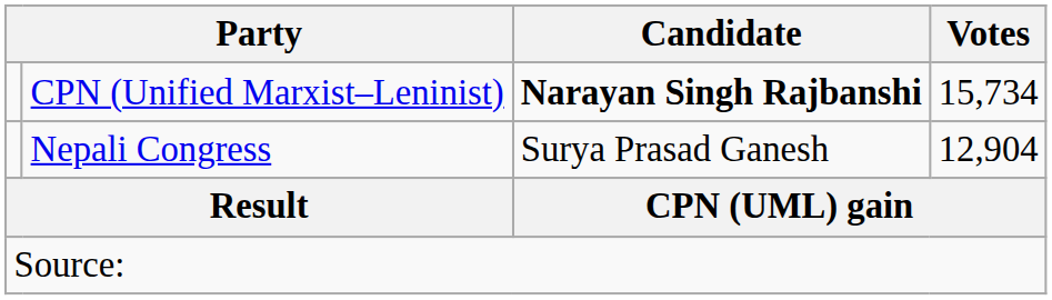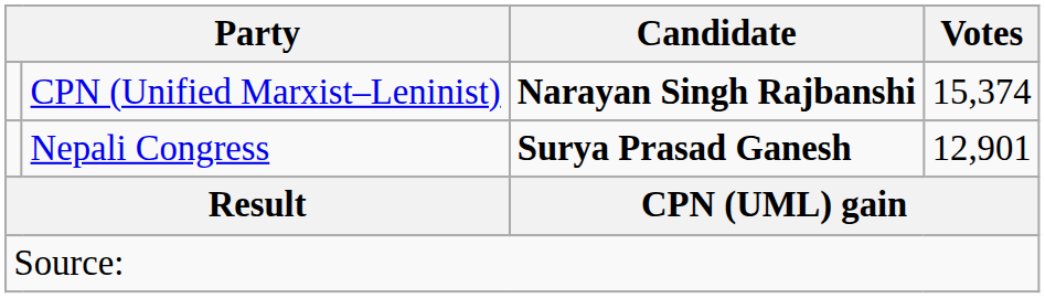 <table class="wikitable">
 <tr>
 <th colspan="2">Party</th>
 <th>Candidate</th>
 <th>Votes</th>
 </tr>
 <tr>
 <td style="background-color:"></td>
 <td><a href='#'>CPN (Unified Marxist–Leninist)</a></td>
 <td><strong>Narayan Singh Rajbanshi</strong></td>
-<td>15,734</td>
+<td>15,374</td>
 </tr>
 <tr>
 <td style="background-color:"></td>
 <td><a href='#'>Nepali Congress</a></td>
-<td>Surya Prasad Ganesh</td>
-<td>12,904</td>
+<td><strong>Surya Prasad Ganesh</strong></td>
+<td>12,901</td>
 </tr>
 <tr>
 <th colspan="2">Result</th>
 <th colspan="2">CPN (UML) gain</th>
 </tr>
 <tr>
 <td colspan="4">Source: </td>
 </tr>
 </table>
